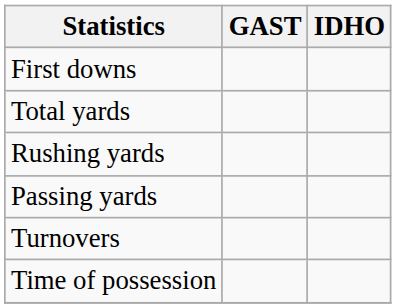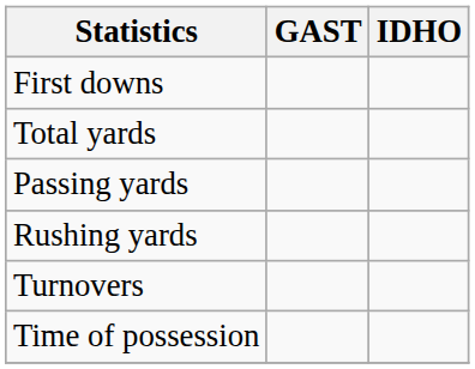 <table class="wikitable" style="float: left;">
 <tr>
 <th>Statistics</th>
 <th>GAST</th>
 <th>IDHO</th>
 </tr>
 <tr>
 <td>First downs</td>
 <td></td>
 <td></td>
 </tr>
 <tr>
 <td>Total yards</td>
 <td></td>
 <td></td>
 </tr>
 <tr>
-<td>Rushing yards</td>
+<td>Passing yards</td>
 <td></td>
 <td></td>
 </tr>
 <tr>
-<td>Passing yards</td>
+<td>Rushing yards</td>
 <td></td>
 <td></td>
 </tr>
 <tr>
 <td>Turnovers</td>
 <td></td>
 <td></td>
 </tr>
 <tr>
 <td>Time of possession</td>
 <td></td>
 <td></td>
 </tr>
 <tr>
 </tr>
 </table>
